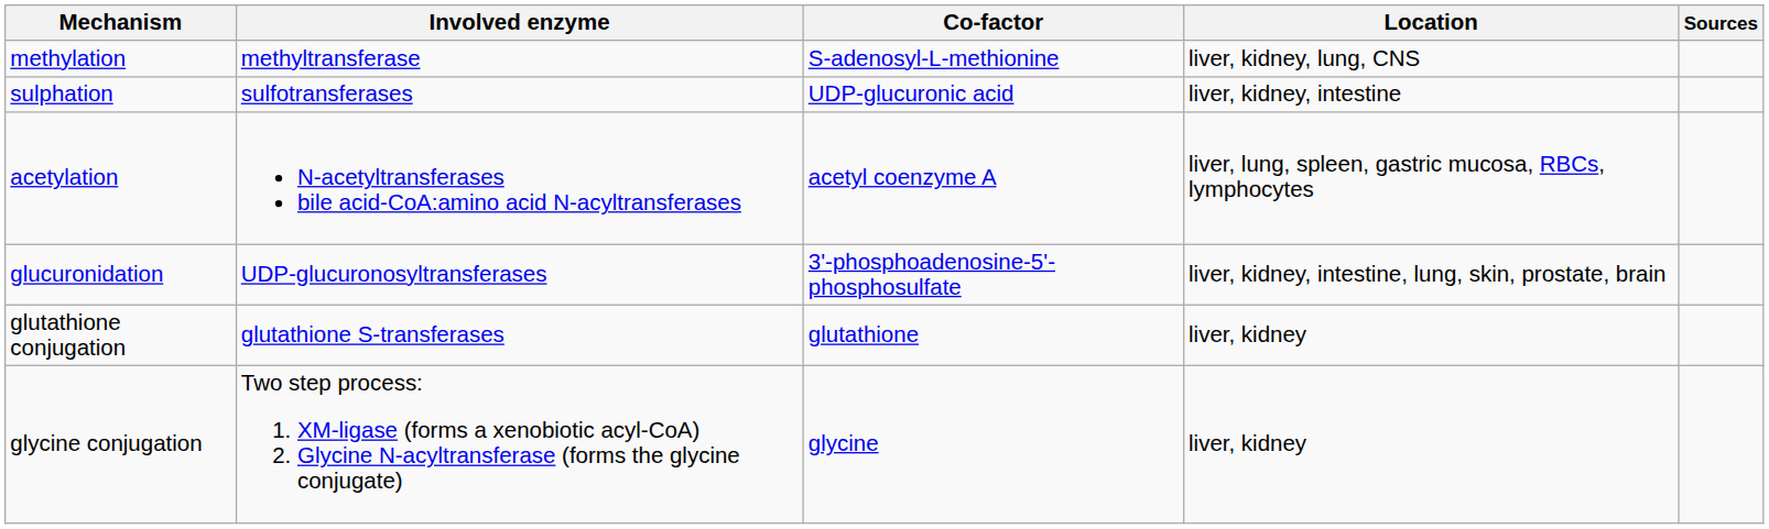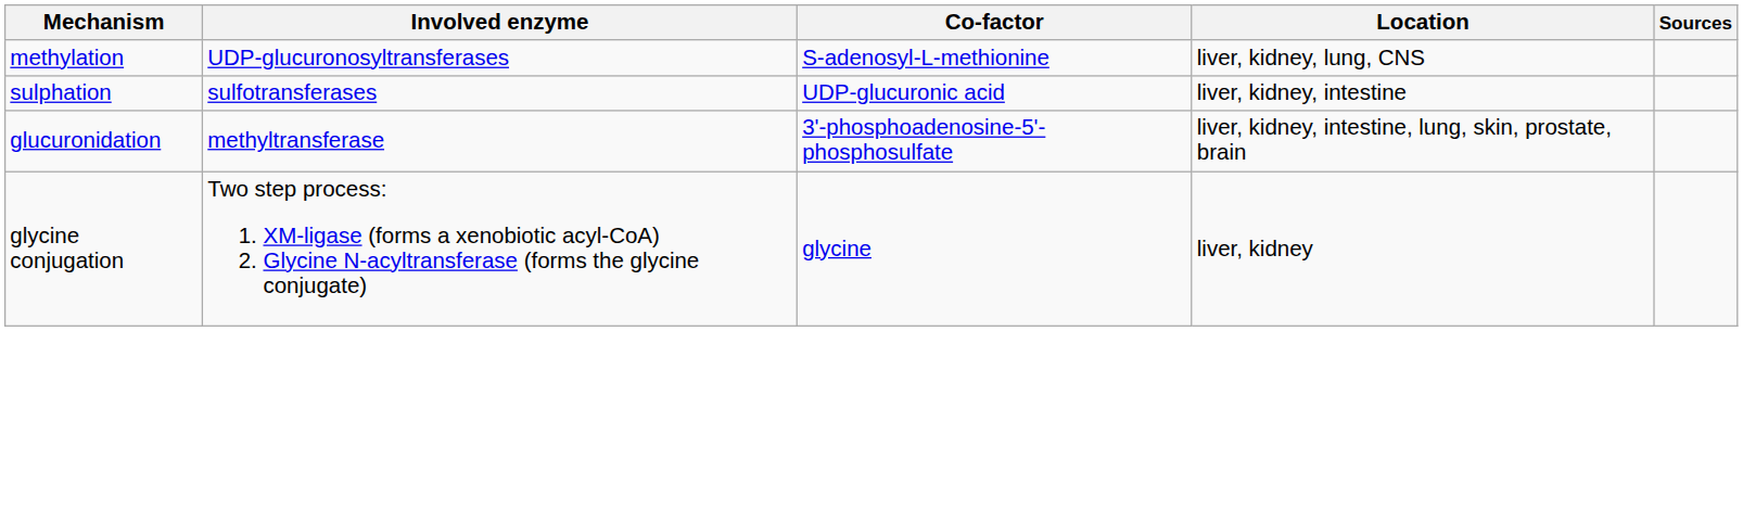 <table class="wikitable">
 <tr>
 <th>Mechanism</th>
 <th>Involved enzyme</th>
 <th>Co-factor</th>
 <th>Location</th>
 <th><small>Sources</small></th>
 </tr>
 <tr>
 <td><a href='#'>methylation</a></td>
-<td><a href='#'>methyltransferase</a></td>
+<td><a href='#'>UDP-glucuronosyltransferases</a></td>
 <td><a href='#'>S-adenosyl-L-methionine</a></td>
 <td>liver, kidney, lung, CNS</td>
 <td></td>
 </tr>
 <tr>
 <td><a href='#'>sulphation</a></td>
 <td><a href='#'>sulfotransferases</a></td>
 <td><a href='#'>UDP-glucuronic acid</a></td>
 <td>liver, kidney, intestine</td>
 <td></td>
 </tr>
 <tr>
-<td><a href='#'>acetylation</a></td>
-<td><br><ul><li><a href='#'>N-acetyltransferases</a></li><li><a href='#'>bile acid-CoA:amino acid N-acyltransferases</a></li></ul></td>
-<td><a href='#'>acetyl coenzyme A</a></td>
-<td>liver, lung, spleen, gastric mucosa, <a href='#'>RBCs</a>, lymphocytes</td>
-<td></td>
-</tr>
-<tr>
 <td><a href='#'>glucuronidation</a></td>
-<td><a href='#'>UDP-glucuronosyltransferases</a></td>
+<td><a href='#'>methyltransferase</a></td>
 <td><a href='#'>3'-phosphoadenosine-5'-phosphosulfate</a></td>
 <td>liver, kidney, intestine, lung, skin, prostate, brain</td>
-<td></td>
-</tr>
-<tr>
-<td>glutathione conjugation</td>
-<td><a href='#'>glutathione S-transferases</a></td>
-<td><a href='#'>glutathione</a></td>
-<td>liver, kidney</td>
 <td></td>
 </tr>
 <tr>
 <td>glycine conjugation</td>
 <td>Two step process:<br><ol><li><a href='#'>XM-ligase</a> (forms a xenobiotic acyl-CoA)</li><li><a href='#'>Glycine N-acyltransferase</a> (forms the glycine conjugate)</li></ol></td>
 <td><a href='#'>glycine</a></td>
 <td>liver, kidney</td>
 <td></td>
 </tr>
 </table>
